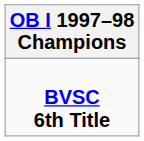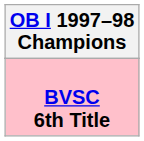 <table class="wikitable" style="text-align: center; margin: 0 auto;">
 <tr>
 <th><a href='#'>OB I</a> 1997–98<br>Champions</th>
 </tr>
 <tr>
 </tr>
 <tr>
-<td> <br><strong><a href='#'>BVSC</a></strong><br><strong>6th Title</strong></td>
+<td style="background: pink;"> <br><strong><a href='#'>BVSC</a></strong><br><strong>6th Title</strong></td>
 </tr>
 </table>
